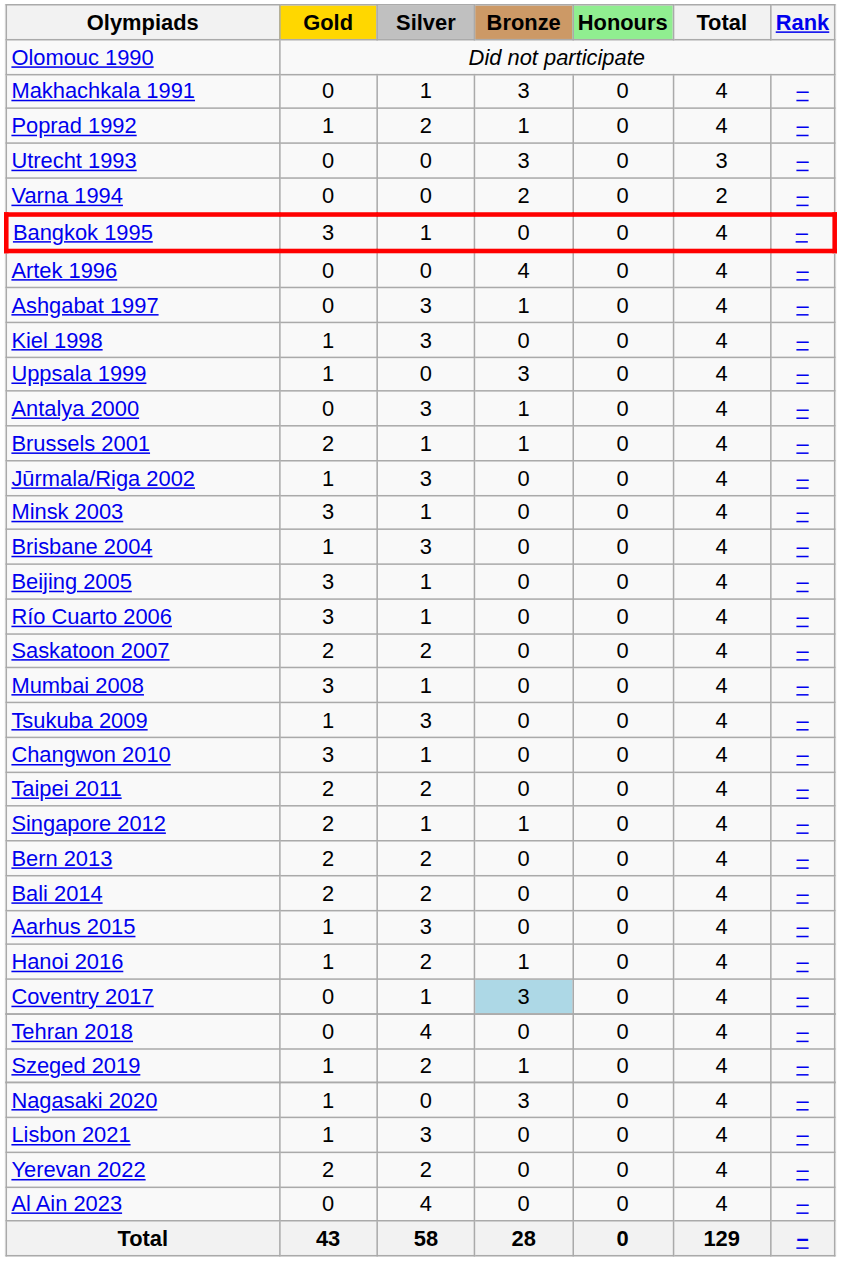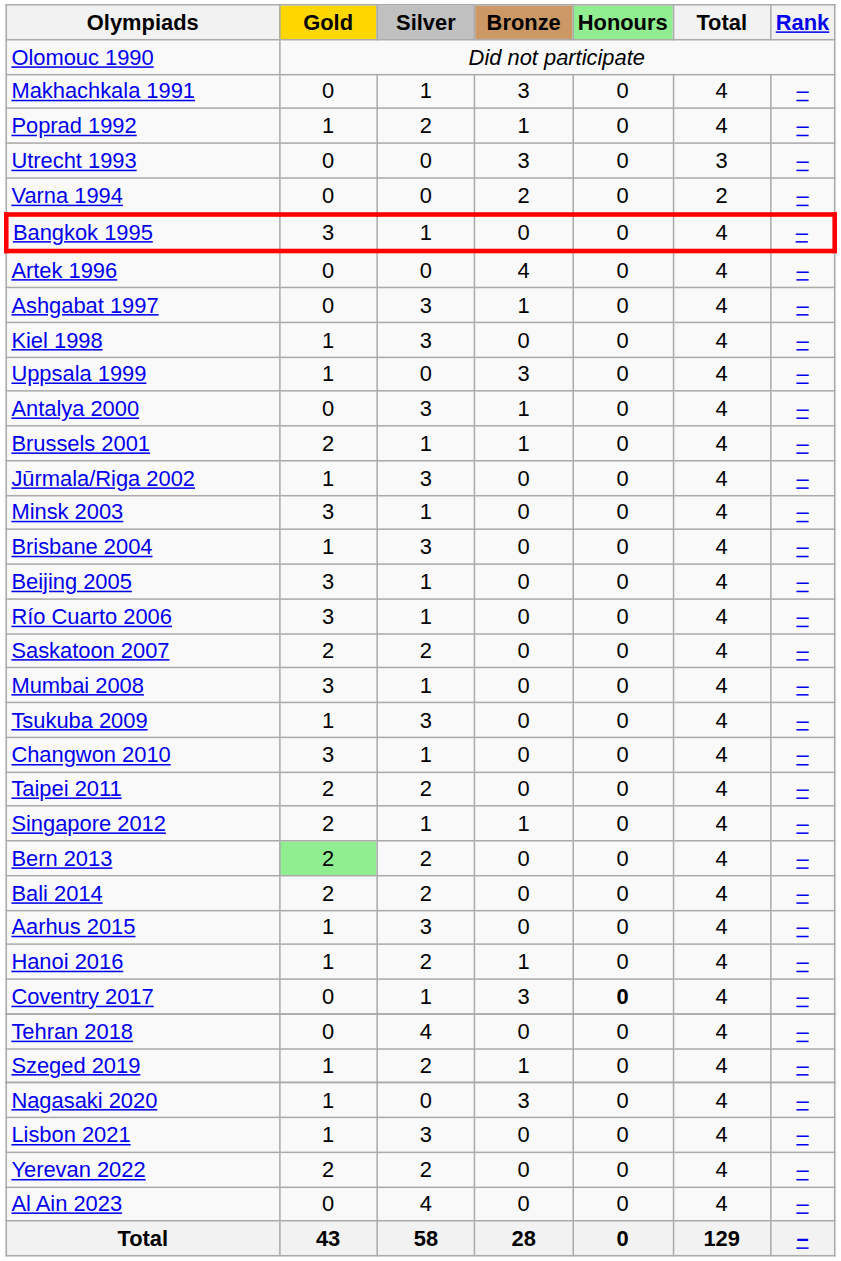 <table class="wikitable" style="text-align:center; font-size:90%;">
 <tr>
 <th style="width:12em;">Olympiads</th>
 <th style="width:4em; background:gold;">Gold</th>
 <th style="width:4em; background:silver;">Silver</th>
 <th style="width:4em; background:#cc9966;">Bronze</th>
 <th style="width:4em; background:#90EE90;">Honours</th>
 <th style="width:4em;">Total</th>
 <th style="width:2em;"><a href='#'>Rank</a></th>
 </tr>
 <tr>
 <td align=left> <a href='#'>Olomouc 1990</a></td>
 <td align=center colspan=6 rowspan="1"><em>Did not participate</em></td>
 </tr>
 <tr>
 <td align=left> <a href='#'>Makhachkala 1991</a></td>
 <td>0</td>
 <td>1</td>
 <td>3</td>
 <td>0</td>
 <td>4</td>
 <td><a href='#'>–</a></td>
 </tr>
 <tr>
 <td align=left> <a href='#'>Poprad 1992</a></td>
 <td>1</td>
 <td>2</td>
 <td>1</td>
 <td>0</td>
 <td>4</td>
 <td><a href='#'>–</a></td>
 </tr>
 <tr>
 <td align=left> <a href='#'>Utrecht 1993</a></td>
 <td>0</td>
 <td>0</td>
 <td>3</td>
 <td>0</td>
 <td>3</td>
 <td><a href='#'>–</a></td>
 </tr>
 <tr>
 <td align=left> <a href='#'>Varna 1994</a></td>
 <td>0</td>
 <td>0</td>
 <td>2</td>
 <td>0</td>
 <td>2</td>
 <td><a href='#'>–</a></td>
 </tr>
 <tr style="border: 3px solid red">
 <td align=left> <a href='#'>Bangkok 1995</a></td>
 <td>3</td>
 <td>1</td>
 <td>0</td>
 <td>0</td>
 <td>4</td>
 <td><a href='#'>–</a></td>
 </tr>
 <tr>
 <td align=left> <a href='#'>Artek 1996</a></td>
 <td>0</td>
 <td>0</td>
 <td>4</td>
 <td>0</td>
 <td>4</td>
 <td><a href='#'>–</a></td>
 </tr>
 <tr>
 <td align=left> <a href='#'>Ashgabat 1997</a></td>
 <td>0</td>
 <td>3</td>
 <td>1</td>
 <td>0</td>
 <td>4</td>
 <td><a href='#'>–</a></td>
 </tr>
 <tr>
 <td align=left> <a href='#'>Kiel 1998</a></td>
 <td>1</td>
 <td>3</td>
 <td>0</td>
 <td>0</td>
 <td>4</td>
 <td><a href='#'>–</a></td>
 </tr>
 <tr>
 <td align=left> <a href='#'>Uppsala 1999</a></td>
 <td>1</td>
 <td>0</td>
 <td>3</td>
 <td>0</td>
 <td>4</td>
 <td><a href='#'>–</a></td>
 </tr>
 <tr>
 <td align=left> <a href='#'>Antalya 2000</a></td>
 <td>0</td>
 <td>3</td>
 <td>1</td>
 <td>0</td>
 <td>4</td>
 <td><a href='#'>–</a></td>
 </tr>
 <tr>
 <td align=left> <a href='#'>Brussels 2001</a></td>
 <td>2</td>
 <td>1</td>
 <td>1</td>
 <td>0</td>
 <td>4</td>
 <td><a href='#'>–</a></td>
 </tr>
 <tr>
 <td align=left> <a href='#'>Jūrmala/Riga 2002</a></td>
 <td>1</td>
 <td>3</td>
 <td>0</td>
 <td>0</td>
 <td>4</td>
 <td><a href='#'>–</a></td>
 </tr>
 <tr>
 <td align=left> <a href='#'>Minsk 2003</a></td>
 <td>3</td>
 <td>1</td>
 <td>0</td>
 <td>0</td>
 <td>4</td>
 <td><a href='#'>–</a></td>
 </tr>
 <tr>
 <td align=left> <a href='#'>Brisbane 2004</a></td>
 <td>1</td>
 <td>3</td>
 <td>0</td>
 <td>0</td>
 <td>4</td>
 <td><a href='#'>–</a></td>
 </tr>
 <tr>
 <td align=left> <a href='#'>Beijing 2005</a></td>
 <td>3</td>
 <td>1</td>
 <td>0</td>
 <td>0</td>
 <td>4</td>
 <td><a href='#'>–</a></td>
 </tr>
 <tr>
 <td align=left> <a href='#'>Río Cuarto 2006</a></td>
 <td>3</td>
 <td>1</td>
 <td>0</td>
 <td>0</td>
 <td>4</td>
 <td><a href='#'>–</a></td>
 </tr>
 <tr>
 <td align=left> <a href='#'>Saskatoon 2007</a></td>
 <td>2</td>
 <td>2</td>
 <td>0</td>
 <td>0</td>
 <td>4</td>
 <td><a href='#'>–</a></td>
 </tr>
 <tr>
 <td align=left> <a href='#'>Mumbai 2008</a></td>
 <td>3</td>
 <td>1</td>
 <td>0</td>
 <td>0</td>
 <td>4</td>
 <td><a href='#'>–</a></td>
 </tr>
 <tr>
 <td align=left> <a href='#'>Tsukuba 2009</a></td>
 <td>1</td>
 <td>3</td>
 <td>0</td>
 <td>0</td>
 <td>4</td>
 <td><a href='#'>–</a></td>
 </tr>
 <tr>
 <td align=left> <a href='#'>Changwon 2010</a></td>
 <td>3</td>
 <td>1</td>
 <td>0</td>
 <td>0</td>
 <td>4</td>
 <td><a href='#'>–</a></td>
 </tr>
 <tr>
 <td align=left> <a href='#'>Taipei 2011</a></td>
 <td>2</td>
 <td>2</td>
 <td>0</td>
 <td>0</td>
 <td>4</td>
 <td><a href='#'>–</a></td>
 </tr>
 <tr>
 <td align=left> <a href='#'>Singapore 2012</a></td>
 <td>2</td>
 <td>1</td>
 <td>1</td>
 <td>0</td>
 <td>4</td>
 <td><a href='#'>–</a></td>
 </tr>
 <tr>
 <td align=left> <a href='#'>Bern 2013</a></td>
-<td>2</td>
+<td style="background: lightgreen;">2</td>
 <td>2</td>
 <td>0</td>
 <td>0</td>
 <td>4</td>
 <td><a href='#'>–</a></td>
 </tr>
 <tr>
 <td align=left> <a href='#'>Bali 2014</a></td>
 <td>2</td>
 <td>2</td>
 <td>0</td>
 <td>0</td>
 <td>4</td>
 <td><a href='#'>–</a></td>
 </tr>
 <tr>
 <td align=left> <a href='#'>Aarhus 2015</a></td>
 <td>1</td>
 <td>3</td>
 <td>0</td>
 <td>0</td>
 <td>4</td>
 <td><a href='#'>–</a></td>
 </tr>
 <tr>
 <td align=left> <a href='#'>Hanoi 2016</a></td>
 <td>1</td>
 <td>2</td>
 <td>1</td>
 <td>0</td>
 <td>4</td>
 <td><a href='#'>–</a></td>
 </tr>
 <tr>
 <td align=left> <a href='#'>Coventry 2017</a></td>
 <td>0</td>
 <td>1</td>
-<td style="background: lightblue;">3</td>
-<td>0</td>
+<td>3</td>
+<td><strong>0</strong></td>
 <td>4</td>
 <td><a href='#'>–</a></td>
 </tr>
 <tr>
 </tr>
 <tr>
 <td align=left> <a href='#'>Tehran 2018</a></td>
 <td>0</td>
 <td>4</td>
 <td>0</td>
 <td>0</td>
 <td>4</td>
 <td><a href='#'>–</a></td>
 </tr>
 <tr>
 <td align=left> <a href='#'>Szeged 2019</a></td>
 <td>1</td>
 <td>2</td>
 <td>1</td>
 <td>0</td>
 <td>4</td>
 <td><a href='#'>–</a></td>
 </tr>
 <tr>
 </tr>
 <tr>
 <td align=left> <a href='#'>Nagasaki 2020</a></td>
 <td>1</td>
 <td>0</td>
 <td>3</td>
 <td>0</td>
 <td>4</td>
 <td><a href='#'>–</a></td>
 </tr>
 <tr>
 <td align=left> <a href='#'>Lisbon 2021</a></td>
 <td>1</td>
 <td>3</td>
 <td>0</td>
 <td>0</td>
 <td>4</td>
 <td><a href='#'>–</a></td>
 </tr>
 <tr>
 <td align=left> <a href='#'>Yerevan 2022</a></td>
 <td>2</td>
 <td>2</td>
 <td>0</td>
 <td>0</td>
 <td>4</td>
 <td><a href='#'>–</a></td>
 </tr>
 <tr>
 <td align=left> <a href='#'>Al Ain 2023</a></td>
 <td>0</td>
 <td>4</td>
 <td>0</td>
 <td>0</td>
 <td>4</td>
 <td><a href='#'>–</a></td>
 </tr>
 <tr>
 <th colspan=1>Total</th>
 <th>43</th>
 <th>58</th>
 <th>28</th>
 <th>0</th>
 <th>129</th>
 <th><a href='#'>–</a></th>
 </tr>
 </table>
